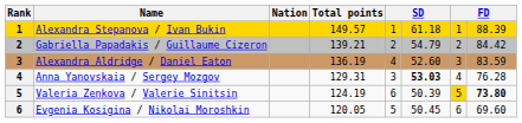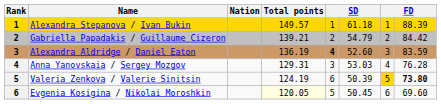 <table class="wikitable sortable">
 <tr>
 <th>Rank</th>
 <th>Name</th>
 <th>Nation</th>
 <th>Total points</th>
 <th colspan="2" width="80px"><a href='#'>SD</a></th>
 <th colspan="2" width="80px"><a href='#'>FD</a></th>
 </tr>
 <tr bgcolor="gold">
 <td align="center"><strong>1</strong></td>
 <td><a href='#'>Alexandra Stepanova</a> / <a href='#'>Ivan Bukin</a></td>
 <td></td>
 <td align="center">149.57</td>
 <td align="center">1</td>
 <td align="center">61.18</td>
 <td align="center">1</td>
 <td align="center">88.39</td>
 </tr>
 <tr bgcolor="silver">
 <td align="center"><strong>2</strong></td>
 <td><a href='#'>Gabriella Papadakis</a> / <a href='#'>Guillaume Cizeron</a></td>
 <td></td>
 <td align="center">139.21</td>
 <td align="center">2</td>
 <td align="center">54.79</td>
 <td align="center">2</td>
 <td align="center">84.42</td>
 </tr>
 <tr bgcolor="cc9966">
 <td align="center"><strong>3</strong></td>
 <td><a href='#'>Alexandra Aldridge</a> / <a href='#'>Daniel Eaton</a></td>
 <td></td>
 <td align="center">136.19</td>
-<td align="center">4</td>
+<td align="center"><strong>4</strong></td>
 <td align="center">52.60</td>
 <td align="center">3</td>
 <td align="center">83.59</td>
 </tr>
 <tr>
 <th>4</th>
 <td><a href='#'>Anna Yanovskaia</a> / <a href='#'>Sergey Mozgov</a></td>
 <td></td>
 <td align="center">129.31</td>
 <td align="center">3</td>
-<td align="center"><strong>53.03</strong></td>
+<td align="center">53.03</td>
 <td align="center">4</td>
 <td align="center">76.28</td>
 </tr>
 <tr>
 <th>5</th>
 <td><a href='#'>Valeria Zenkova</a> / <a href='#'>Valerie Sinitsin</a></td>
 <td></td>
 <td align="center">124.19</td>
 <td align="center">6</td>
 <td align="center">50.39</td>
 <td align="center" style="background: gold;">5</td>
 <td align="center"><strong>73.80</strong></td>
 </tr>
 <tr>
 <th>6</th>
 <td><a href='#'>Evgenia Kosigina</a> / <a href='#'>Nikolai Moroshkin</a></td>
 <td></td>
-<td align="center">120.05</td>
+<td align="center" style="background: lightyellow;">120.05</td>
 <td align="center">5</td>
 <td align="center">50.45</td>
 <td align="center">6</td>
 <td align="center">69.60</td>
 </tr>
 </table>
